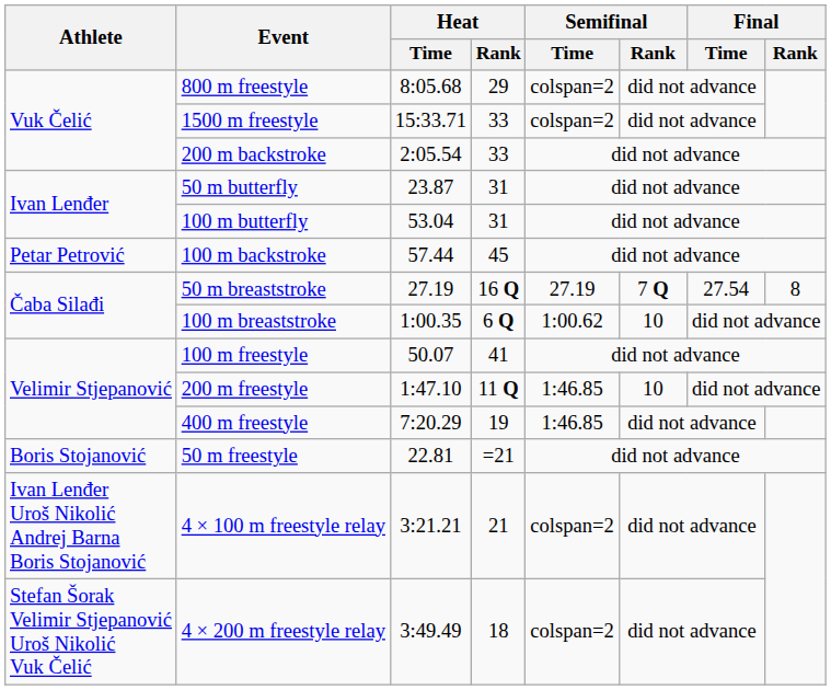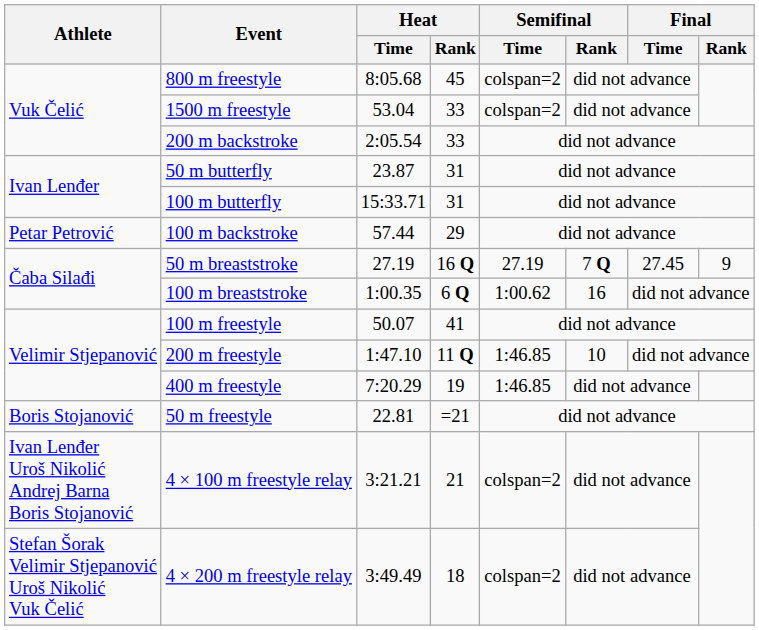 <table class=wikitable style="font-size:90%">
 <tr>
 <th rowspan="2">Athlete</th>
 <th rowspan="2">Event</th>
 <th colspan="2">Heat</th>
 <th colspan="2">Semifinal</th>
 <th colspan="2">Final</th>
 </tr>
 <tr style="font-size:95%">
 <th>Time</th>
 <th>Rank</th>
 <th>Time</th>
 <th>Rank</th>
 <th>Time</th>
 <th>Rank</th>
 </tr>
 <tr align=center>
 <td align=left rowspan=3><a href='#'>Vuk Čelić</a></td>
 <td align=left><a href='#'>800 m freestyle</a></td>
 <td>8:05.68</td>
-<td>29</td>
+<td>45</td>
 <td>colspan=2 </td>
 <td colspan=2>did not advance</td>
 </tr>
 <tr align=center>
 <td align=left><a href='#'>1500 m freestyle</a></td>
-<td>15:33.71</td>
+<td>53.04</td>
 <td>33</td>
 <td>colspan=2 </td>
 <td colspan=2>did not advance</td>
 </tr>
 <tr align=center>
 <td align=left><a href='#'>200 m backstroke</a></td>
 <td>2:05.54</td>
 <td>33</td>
 <td colspan=4>did not advance</td>
 </tr>
 <tr align=center>
 <td align=left rowspan=2><a href='#'>Ivan Lenđer</a></td>
 <td align=left><a href='#'>50 m butterfly</a></td>
 <td>23.87</td>
 <td>31</td>
 <td colspan=4>did not advance</td>
 </tr>
 <tr align=center>
 <td align=left><a href='#'>100 m butterfly</a></td>
-<td>53.04</td>
+<td>15:33.71</td>
 <td>31</td>
 <td colspan=4>did not advance</td>
 </tr>
 <tr align=center>
 <td align=left><a href='#'>Petar Petrović</a></td>
 <td align=left><a href='#'>100 m backstroke</a></td>
 <td>57.44</td>
-<td>45</td>
+<td>29</td>
 <td colspan=4>did not advance</td>
 </tr>
 <tr align=center>
 <td align=left rowspan=2><a href='#'>Čaba Silađi</a></td>
 <td align=left><a href='#'>50 m breaststroke</a></td>
 <td>27.19</td>
 <td>16 <strong>Q</strong></td>
 <td>27.19</td>
 <td>7 <strong>Q</strong></td>
-<td>27.54</td>
-<td>8</td>
+<td>27.45</td>
+<td>9</td>
 </tr>
 <tr align=center>
 <td align=left><a href='#'>100 m breaststroke</a></td>
 <td>1:00.35</td>
 <td>6 <strong>Q</strong></td>
 <td>1:00.62</td>
-<td>10</td>
+<td>16</td>
 <td colspan=2>did not advance</td>
 </tr>
 <tr align=center>
 <td align=left rowspan=3><a href='#'>Velimir Stjepanović</a></td>
 <td align=left><a href='#'>100 m freestyle</a></td>
 <td>50.07</td>
 <td>41</td>
 <td colspan=4>did not advance</td>
 </tr>
 <tr align=center>
 <td align=left><a href='#'>200 m freestyle</a></td>
 <td>1:47.10</td>
 <td>11 <strong>Q</strong></td>
 <td>1:46.85</td>
 <td>10</td>
 <td colspan=2>did not advance</td>
 </tr>
 <tr align=center>
 <td align=left><a href='#'>400 m freestyle</a></td>
 <td>7:20.29</td>
 <td>19</td>
 <td>1:46.85</td>
 <td colspan=2>did not advance</td>
 </tr>
 <tr align=center>
 <td align=left><a href='#'>Boris Stojanović</a></td>
 <td align=left><a href='#'>50 m freestyle</a></td>
 <td>22.81</td>
 <td>=21</td>
 <td colspan=4>did not advance</td>
 </tr>
 <tr align=center>
 <td align=left><a href='#'>Ivan Lenđer</a><br><a href='#'>Uroš Nikolić</a><br><a href='#'>Andrej Barna</a><br><a href='#'>Boris Stojanović</a></td>
 <td align=left><a href='#'>4 × 100 m freestyle relay</a></td>
 <td>3:21.21</td>
 <td>21</td>
 <td>colspan=2 </td>
 <td colspan=2>did not advance</td>
 </tr>
 <tr align=center>
 <td align=left><a href='#'>Stefan Šorak</a><br><a href='#'>Velimir Stjepanović</a><br><a href='#'>Uroš Nikolić</a><br><a href='#'>Vuk Čelić</a></td>
 <td align=left><a href='#'>4 × 200 m freestyle relay</a></td>
 <td>3:49.49</td>
 <td>18</td>
 <td>colspan=2 </td>
 <td colspan=2>did not advance</td>
 </tr>
 </table>
